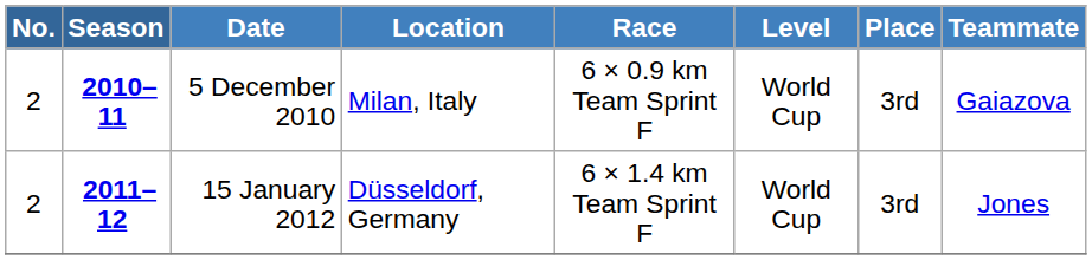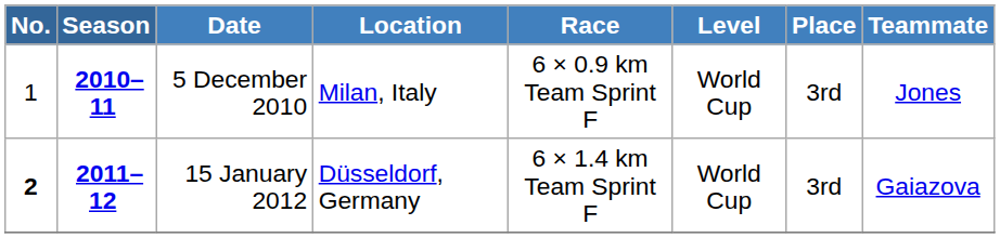 <table class="wikitable sortable" style="font-size:95%; text-align:center; border:grey solid 1px; border-collapse:collapse; background:#ffffff;">
 <tr style="background:#efefef;">
 <th style="background-color:#369; color:white;">No.</th>
 <th style="background-color:#369; color:white;">Season</th>
 <th style="background-color:#4180be; color:white; width:120px;">Date</th>
 <th style="background-color:#4180be; color:white; width:170px;">Location</th>
 <th style="background-color:#4180be; color:white; width:170px;">Race</th>
 <th style="background-color:#4180be; color:white; width:100px;">Level</th>
 <th style="background-color:#4180be; color:white;">Place</th>
 <th style="background-color:#4180be; color:white;">Teammate</th>
 </tr>
 <tr>
-<td align=center>2</td>
+<td align=center>1</td>
 <td rowspan=1 align=center><strong> <a href='#'>2010–11</a> </strong></td>
 <td align=right>5 December 2010</td>
 <td align=left> <a href='#'>Milan</a>, Italy</td>
 <td>6 × 0.9 km Team Sprint F</td>
 <td>World Cup</td>
 <td>3rd</td>
-<td><a href='#'>Gaiazova</a></td>
+<td><a href='#'>Jones</a></td>
 </tr>
 <tr>
-<td align=center>2</td>
+<td align=center><strong>2</strong></td>
 <td rowspan=1 align=center><strong> <a href='#'>2011–12</a> </strong></td>
 <td align=right>15 January 2012</td>
 <td align=left> <a href='#'>Düsseldorf</a>, Germany</td>
 <td>6 × 1.4 km Team Sprint F</td>
 <td>World Cup</td>
 <td>3rd</td>
-<td><a href='#'>Jones</a></td>
+<td><a href='#'>Gaiazova</a></td>
 </tr>
 <tr>
 </tr>
 </table>
